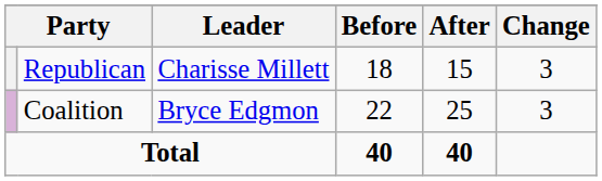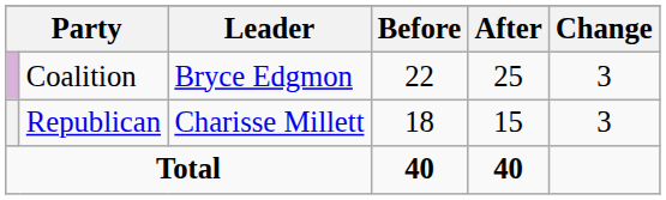 <table class="wikitable" style="text-align:center;">
 <tr>
 </tr>
 <tr>
 <th colspan=2>Party</th>
 <th>Leader</th>
 <th>Before</th>
 <th>After</th>
 <th>Change</th>
 </tr>
 <tr>
+<th style="background-color:#d9b2d9;"></th>
+<td style="text-align:left;">Coalition</td>
+<td style="text-align:left;"><a href='#'>Bryce Edgmon</a></td>
+<td>22</td>
+<td>25</td>
+<td> 3</td>
+</tr>
+<tr>
 <th style="background-color:"></th>
 <td style="text-align:left;"><a href='#'>Republican</a></td>
 <td style="text-align:left;"><a href='#'>Charisse Millett</a></td>
 <td>18</td>
 <td>15</td>
-<td> 3</td>
-</tr>
-<tr>
-<th style="background-color:#d9b2d9;"></th>
-<td style="text-align:left;">Coalition</td>
-<td style="text-align:left;"><a href='#'>Bryce Edgmon</a></td>
-<td>22</td>
-<td>25</td>
 <td> 3</td>
 </tr>
 <tr>
 <td colspan=3><strong>Total</strong></td>
 <td><strong>40</strong></td>
 <td><strong>40</strong></td>
 <td></td>
 </tr>
 </table>
